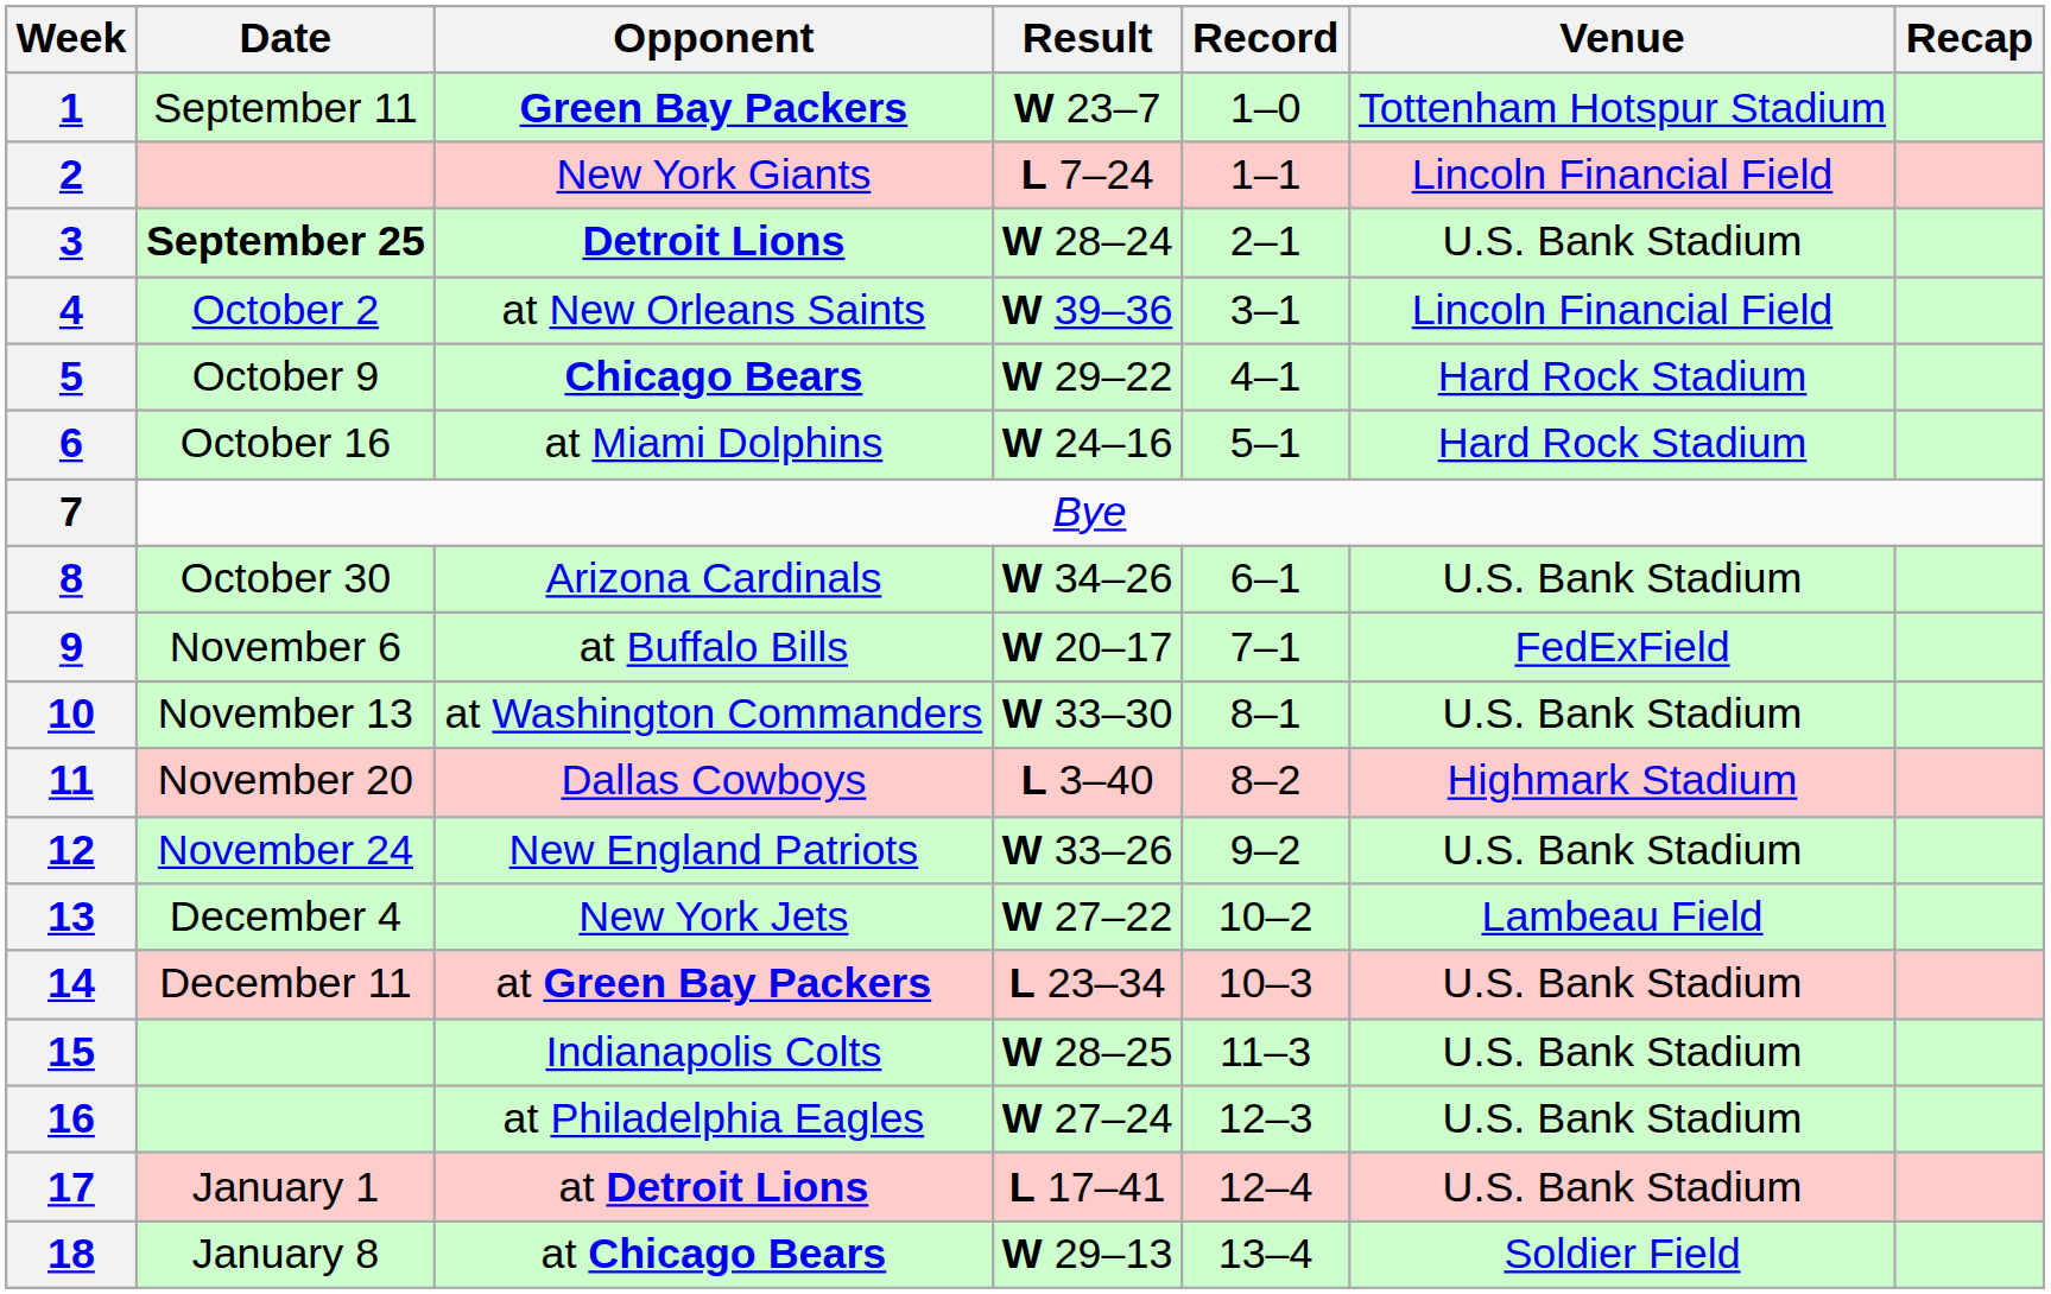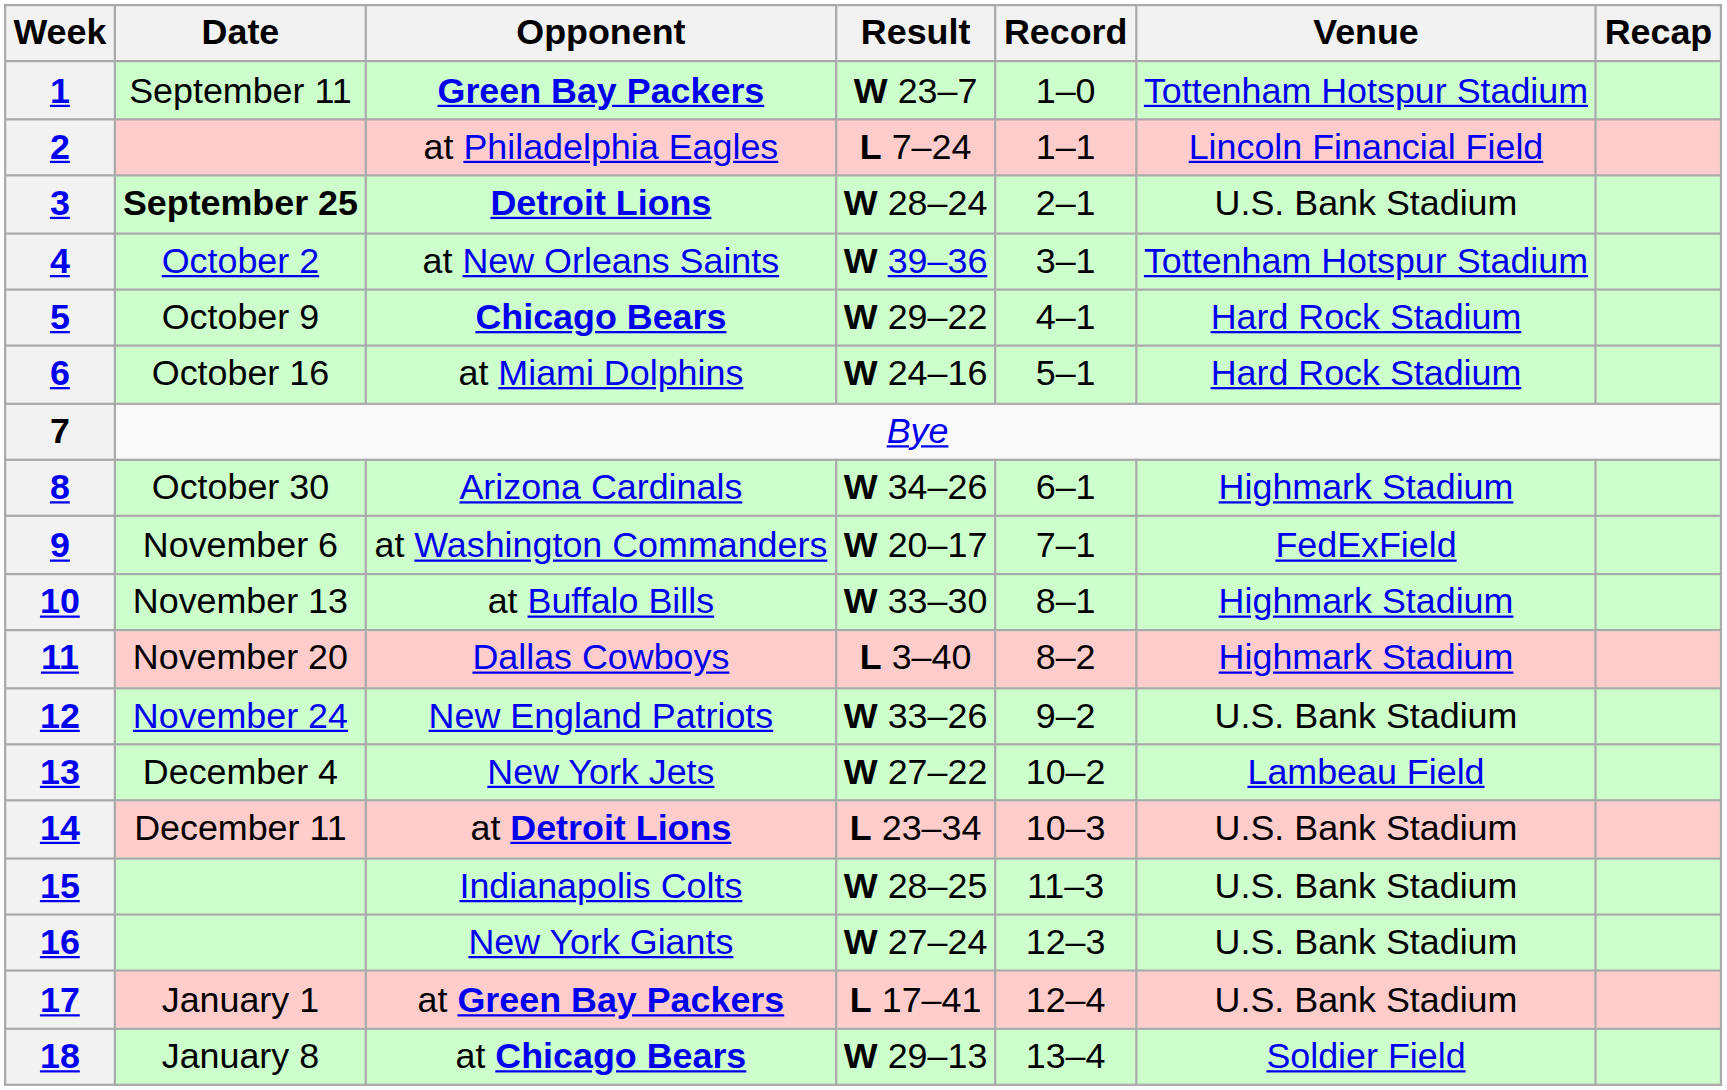 <table class="wikitable" style="text-align:center">
 <tr>
 <th>Week</th>
 <th>Date</th>
 <th>Opponent</th>
 <th>Result</th>
 <th>Record</th>
 <th>Venue</th>
 <th>Recap</th>
 </tr>
 <tr style="background:#cfc">
 <th><a href='#'>1</a></th>
 <td>September 11</td>
 <td><strong><a href='#'>Green Bay Packers</a></strong></td>
 <td><strong>W</strong> 23–7</td>
 <td>1–0</td>
 <td> <a href='#'>Tottenham Hotspur Stadium</a> </td>
 <td></td>
 </tr>
 <tr style="background:#fcc">
 <th><a href='#'>2</a></th>
 <td></td>
-<td><a href='#'>New York Giants</a></td>
+<td>at <a href='#'>Philadelphia Eagles</a></td>
 <td><strong>L</strong> 7–24</td>
 <td>1–1</td>
 <td><a href='#'>Lincoln Financial Field</a></td>
 <td></td>
 </tr>
 <tr style="background:#cfc">
 <th><a href='#'>3</a></th>
 <td><strong>September 25</strong></td>
 <td><strong><a href='#'>Detroit Lions</a></strong></td>
 <td><strong>W</strong> 28–24</td>
 <td>2–1</td>
 <td>U.S. Bank Stadium</td>
 <td></td>
 </tr>
 <tr style="background:#cfc">
 <th><a href='#'>4</a></th>
 <td><a href='#'>October 2</a></td>
 <td>at <a href='#'>New Orleans Saints</a></td>
 <td><strong>W</strong> <a href='#'>39–36 </a></td>
 <td>3–1</td>
-<td><a href='#'>Lincoln Financial Field</a></td>
+<td> <a href='#'>Tottenham Hotspur Stadium</a> </td>
 <td></td>
 </tr>
 <tr style="background:#cfc">
 <th><a href='#'>5</a></th>
 <td>October 9</td>
 <td><strong><a href='#'>Chicago Bears</a></strong></td>
 <td><strong>W</strong> 29–22</td>
 <td>4–1</td>
 <td><a href='#'>Hard Rock Stadium</a></td>
 <td></td>
 </tr>
 <tr style="background:#cfc">
 <th><a href='#'>6</a></th>
 <td>October 16</td>
 <td>at <a href='#'>Miami Dolphins</a></td>
 <td><strong>W</strong> 24–16</td>
 <td>5–1</td>
 <td><a href='#'>Hard Rock Stadium</a></td>
 <td></td>
 </tr>
 <tr>
 <th>7</th>
 <td colspan="6"><em><a href='#'>Bye</a></em></td>
 </tr>
 <tr style="background:#cfc">
 <th><a href='#'>8</a></th>
 <td>October 30</td>
 <td><a href='#'>Arizona Cardinals</a></td>
 <td><strong>W</strong> 34–26</td>
 <td>6–1</td>
-<td>U.S. Bank Stadium</td>
+<td><a href='#'>Highmark Stadium</a></td>
 <td></td>
 </tr>
 <tr style="background:#cfc">
 <th><a href='#'>9</a></th>
 <td>November 6</td>
-<td>at <a href='#'>Buffalo Bills</a></td>
+<td>at <a href='#'>Washington Commanders</a></td>
 <td><strong>W</strong> 20–17</td>
 <td>7–1</td>
 <td><a href='#'>FedExField</a></td>
 <td></td>
 </tr>
 <tr style="background:#cfc">
 <th><a href='#'>10</a></th>
 <td>November 13</td>
-<td>at <a href='#'>Washington Commanders</a></td>
+<td>at <a href='#'>Buffalo Bills</a></td>
 <td><strong>W</strong> 33–30 </td>
 <td>8–1</td>
-<td>U.S. Bank Stadium</td>
+<td><a href='#'>Highmark Stadium</a></td>
 <td></td>
 </tr>
 <tr style="background:#fcc">
 <th><a href='#'>11</a></th>
 <td>November 20</td>
 <td><a href='#'>Dallas Cowboys</a></td>
 <td><strong>L</strong> 3–40</td>
 <td>8–2</td>
 <td><a href='#'>Highmark Stadium</a></td>
 <td></td>
 </tr>
 <tr style="background:#cfc">
 <th><a href='#'>12</a></th>
 <td><a href='#'>November 24</a></td>
 <td><a href='#'>New England Patriots</a></td>
 <td><strong>W</strong> 33–26</td>
 <td>9–2</td>
 <td>U.S. Bank Stadium</td>
 <td></td>
 </tr>
 <tr style="background:#cfc">
 <th><a href='#'>13</a></th>
 <td>December 4</td>
 <td><a href='#'>New York Jets</a></td>
 <td><strong>W</strong> 27–22</td>
 <td>10–2</td>
 <td><a href='#'>Lambeau Field</a></td>
 <td></td>
 </tr>
 <tr style="background:#fcc">
 <th><a href='#'>14</a></th>
 <td>December 11</td>
-<td>at <strong><a href='#'>Green Bay Packers</a></strong></td>
+<td>at <strong><a href='#'>Detroit Lions</a></strong></td>
 <td><strong>L</strong> 23–34</td>
 <td>10–3</td>
 <td>U.S. Bank Stadium</td>
 <td></td>
 </tr>
 <tr style="background:#cfc">
 <th><a href='#'>15</a></th>
 <td></td>
 <td><a href='#'>Indianapolis Colts</a></td>
 <td><strong>W</strong> 28–25</td>
 <td>11–3</td>
 <td>U.S. Bank Stadium</td>
 <td></td>
 </tr>
 <tr style="background:#cfc">
 <th><a href='#'>16</a></th>
 <td></td>
-<td>at <a href='#'>Philadelphia Eagles</a></td>
+<td><a href='#'>New York Giants</a></td>
 <td><strong>W</strong> 27–24</td>
 <td>12–3</td>
 <td>U.S. Bank Stadium</td>
 <td></td>
 </tr>
 <tr style="background:#fcc">
 <th><a href='#'>17</a></th>
 <td>January 1</td>
-<td>at <strong><a href='#'>Detroit Lions</a></strong></td>
+<td>at <strong><a href='#'>Green Bay Packers</a></strong></td>
 <td><strong>L</strong> 17–41</td>
 <td>12–4</td>
 <td>U.S. Bank Stadium</td>
 <td></td>
 </tr>
 <tr style="background:#cfc">
 <th><a href='#'>18</a></th>
 <td>January 8</td>
 <td>at <strong><a href='#'>Chicago Bears</a></strong></td>
 <td><strong>W</strong> 29–13</td>
 <td>13–4</td>
 <td><a href='#'>Soldier Field</a></td>
 <td></td>
 </tr>
 </table>
